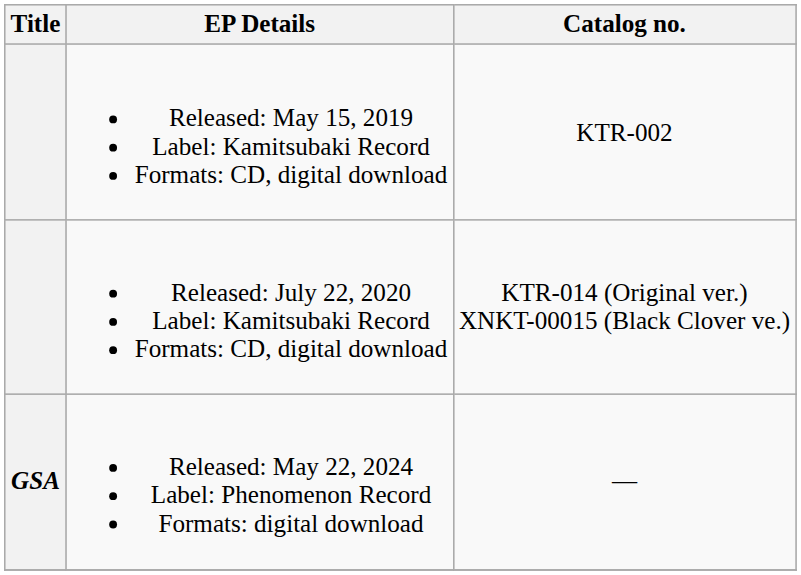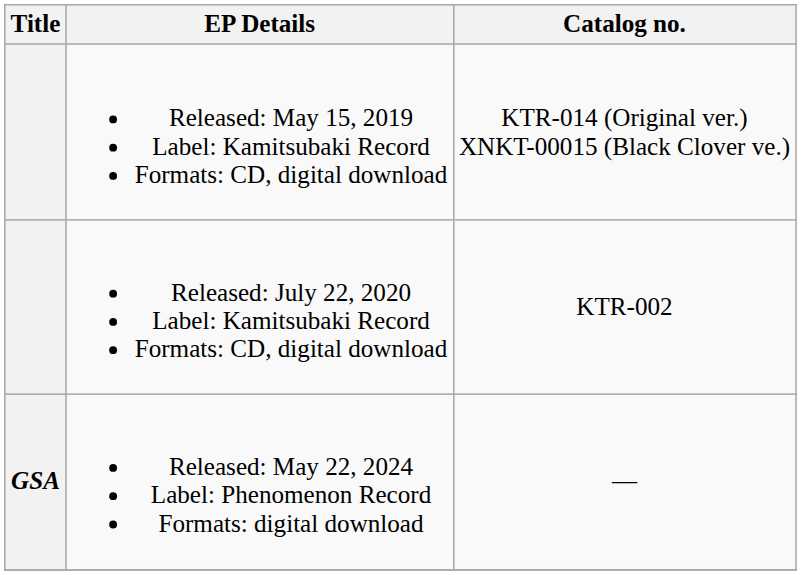 <table class="wikitable plainrowheaders" style="text-align:center;">
 <tr>
 <th>Title</th>
 <th>EP Details</th>
 <th>Catalog no.</th>
 </tr>
 <tr>
 <th scope="row"></th>
 <td><br><ul><li>Released: May 15, 2019</li><li>Label: Kamitsubaki Record</li><li>Formats: CD, digital download</li></ul></td>
-<td>KTR-002</td>
+<td>KTR-014 (Original ver.)<br> XNKT-00015 (Black Clover ve.)</td>
 </tr>
 <tr>
 <th scope="row"></th>
 <td><br><ul><li>Released: July 22, 2020</li><li>Label: Kamitsubaki Record</li><li>Formats: CD, digital download</li></ul></td>
-<td>KTR-014 (Original ver.)<br> XNKT-00015 (Black Clover ve.)</td>
+<td>KTR-002</td>
 </tr>
 <tr>
 <th scope="row"><em>GSA</em></th>
 <td><br><ul><li>Released: May 22, 2024</li><li>Label: Phenomenon Record</li><li>Formats: digital download</li></ul></td>
 <td>—</td>
 </tr>
 <tr>
 </tr>
 </table>
